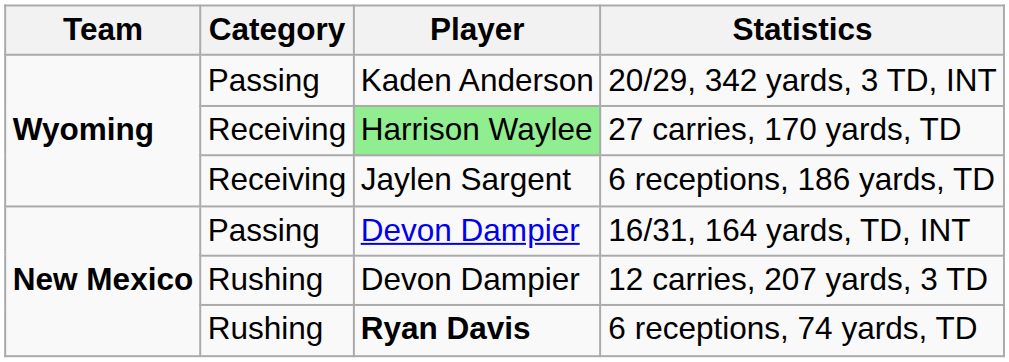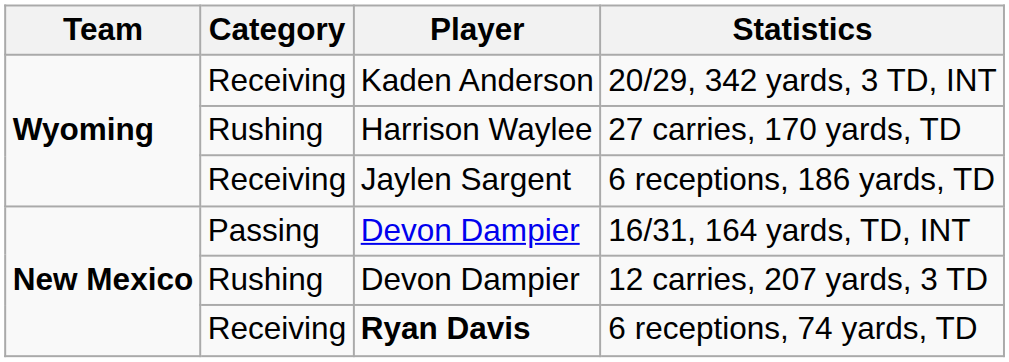 <table class="wikitable" style="float: right;">
 <tr>
 <th>Team</th>
 <th>Category</th>
 <th>Player</th>
 <th>Statistics</th>
 </tr>
 <tr>
 <td rowspan=3><strong>Wyoming</strong></td>
-<td>Passing</td>
+<td>Receiving</td>
 <td>Kaden Anderson</td>
 <td>20/29, 342 yards, 3 TD, INT</td>
 </tr>
 <tr>
-<td>Receiving</td>
-<td style="background: lightgreen;">Harrison Waylee</td>
+<td>Rushing</td>
+<td>Harrison Waylee</td>
 <td>27 carries, 170 yards, TD</td>
 </tr>
 <tr>
 <td>Receiving</td>
 <td>Jaylen Sargent</td>
 <td>6 receptions, 186 yards, TD</td>
 </tr>
 <tr>
 <td rowspan=3><strong>New Mexico</strong></td>
 <td>Passing</td>
 <td><a href='#'>Devon Dampier</a></td>
 <td>16/31, 164 yards, TD, INT</td>
 </tr>
 <tr>
 <td>Rushing</td>
 <td>Devon Dampier</td>
 <td>12 carries, 207 yards, 3 TD</td>
 </tr>
 <tr>
-<td>Rushing</td>
+<td>Receiving</td>
 <td><strong>Ryan Davis</strong></td>
 <td>6 receptions, 74 yards, TD</td>
 </tr>
 </table>
